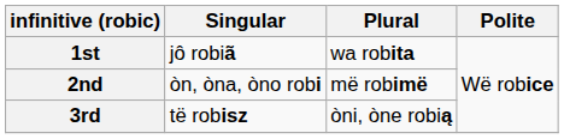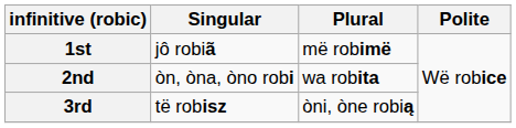 <table class="wikitable">
 <tr>
 <th>infinitive (robic)</th>
 <th>Singular</th>
 <th>Plural</th>
 <th>Polite</th>
 </tr>
 <tr>
 <th>1st</th>
 <td>jô robi<strong>ã</strong></td>
-<td>wa rob<strong>ita</strong></td>
+<td>më rob<strong>imë</strong></td>
 <td rowspan="3">Wë  rob<strong>ice</strong></td>
 </tr>
 <tr>
 <th>2nd</th>
 <td>òn, òna, òno rob<strong>i</strong></td>
-<td>më rob<strong>imë</strong></td>
+<td>wa rob<strong>ita</strong></td>
 </tr>
 <tr>
 <th>3rd</th>
 <td>të rob<strong>isz</strong></td>
 <td>òni, òne robi<strong>ą</strong></td>
 </tr>
 <tr>
 </tr>
 </table>
